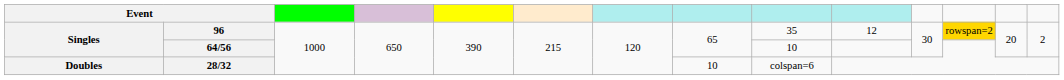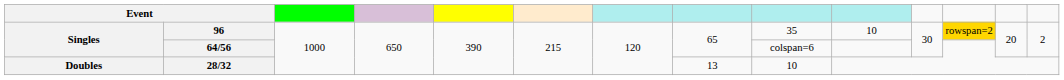 <table class="wikitable" style="font-size:90%; text-align:center; width:90%">
 <tr>
 <th scope="row" colspan=2 style="width:2em">Event</th>
 <td style="width:7em; background:lime;"></td>
 <td style="width:7em; background:thistle;"></td>
 <td style="width:7em; background:#ff0;"></td>
 <td style="width:7em; background:#ffebcd;"></td>
 <td style="width:7em; background:#afeeee;"></td>
 <td style="width:7em; background:#afeeee;"></td>
 <td style="width:7em; background:#afeeee;"></td>
 <td style="width:7em; background:#afeeee;"></td>
 <td style="width:2.5em;"></td>
 <td style="width:2.5em;"></td>
 <td style="width:2.5em;"></td>
 <td style="width:2.5em;"></td>
 </tr>
 <tr>
 <th scope=row rowspan=2>Singles</th>
 <th>96</th>
 <td rowspan=3>1000</td>
 <td rowspan=3>650</td>
 <td rowspan=3>390</td>
 <td rowspan=3>215</td>
 <td rowspan=3>120</td>
 <td rowspan=2>65</td>
 <td>35</td>
-<td>12</td>
+<td>10</td>
 <td rowspan=2>30</td>
 <td style="background: gold;">rowspan=2 </td>
 <td rowspan=2>20</td>
 <td rowspan=2>2</td>
 </tr>
 <tr>
 <th scope=row>64/56</th>
-<td>10</td>
+<td>colspan=6 </td>
 <td></td>
 </tr>
 <tr>
 <th scope=row>Doubles</th>
 <th>28/32</th>
+<td>13</td>
 <td>10</td>
-<td>colspan=6 </td>
 </tr>
 </table>
